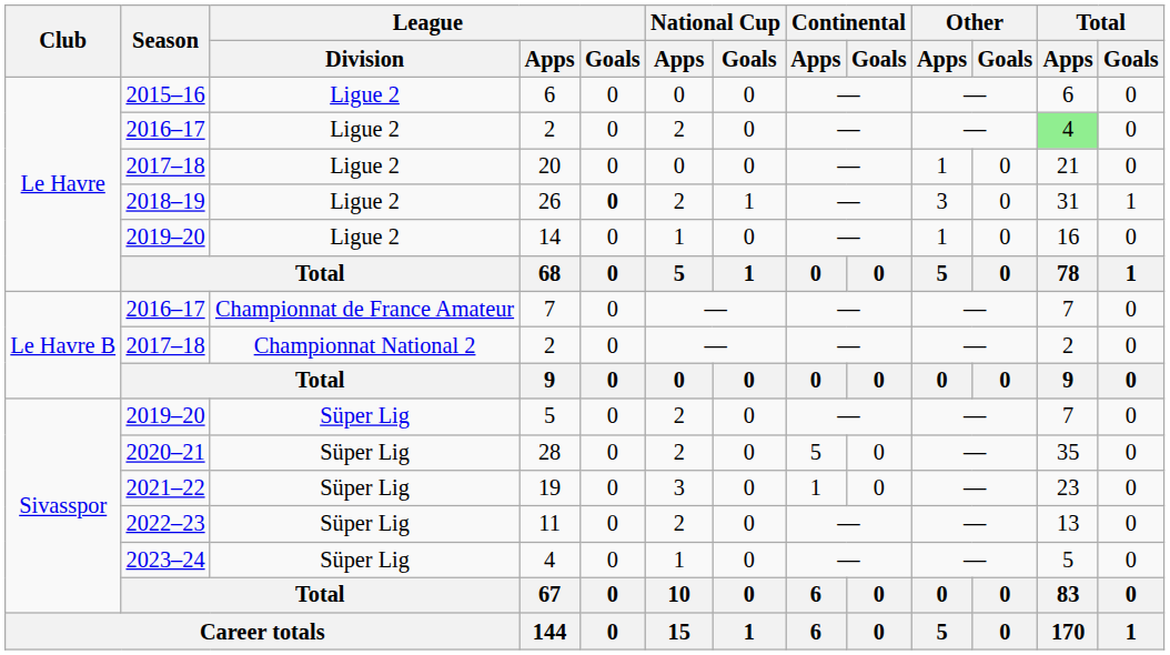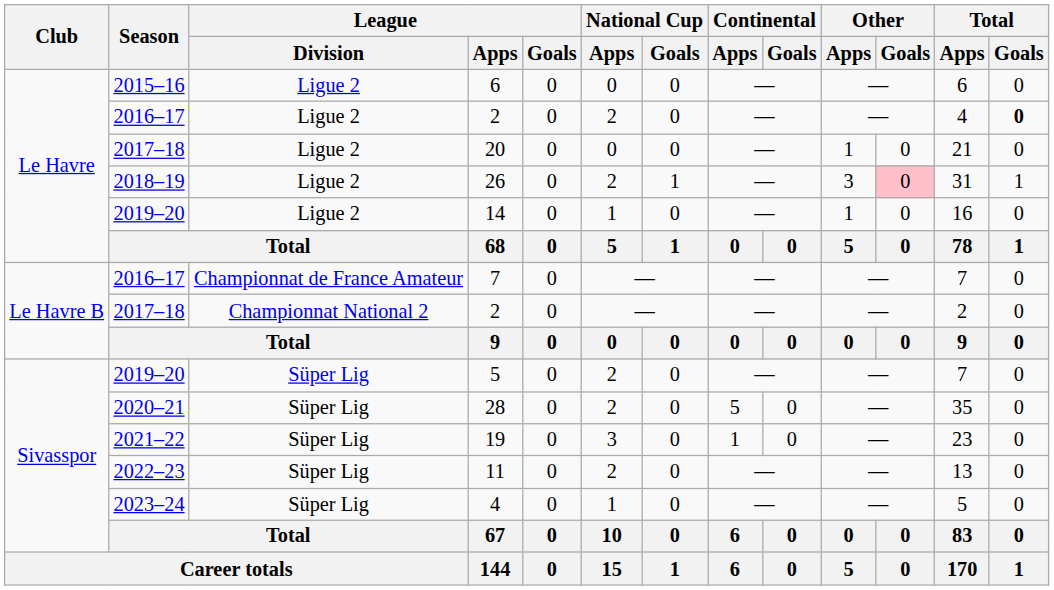 <table class="wikitable" style="text-align:center">
 <tr>
 <th rowspan="2">Club</th>
 <th rowspan="2">Season</th>
 <th colspan="3">League</th>
 <th colspan="2">National Cup</th>
 <th colspan="2">Continental</th>
 <th colspan="2">Other</th>
 <th colspan="2">Total</th>
 </tr>
 <tr>
 <th>Division</th>
 <th>Apps</th>
 <th>Goals</th>
 <th>Apps</th>
 <th>Goals</th>
 <th>Apps</th>
 <th>Goals</th>
 <th>Apps</th>
 <th>Goals</th>
 <th>Apps</th>
 <th>Goals</th>
 </tr>
 <tr>
 <td rowspan="6"><a href='#'>Le Havre</a></td>
 <td><a href='#'>2015–16</a></td>
 <td><a href='#'>Ligue 2</a></td>
 <td>6</td>
 <td>0</td>
 <td>0</td>
 <td>0</td>
 <td colspan="2">—</td>
 <td colspan="2">—</td>
 <td>6</td>
 <td>0</td>
 </tr>
 <tr>
 <td><a href='#'>2016–17</a></td>
 <td>Ligue 2</td>
 <td>2</td>
 <td>0</td>
 <td>2</td>
 <td>0</td>
 <td colspan="2">—</td>
 <td colspan="2">—</td>
-<td style="background: lightgreen;">4</td>
-<td>0</td>
+<td>4</td>
+<td><strong>0</strong></td>
 </tr>
 <tr>
 <td><a href='#'>2017–18</a></td>
 <td>Ligue 2</td>
 <td>20</td>
 <td>0</td>
 <td>0</td>
 <td>0</td>
 <td colspan="2">—</td>
 <td>1</td>
 <td>0</td>
 <td>21</td>
 <td>0</td>
 </tr>
 <tr>
 <td><a href='#'>2018–19</a></td>
 <td>Ligue 2</td>
 <td>26</td>
-<td><strong>0</strong></td>
+<td>0</td>
 <td>2</td>
 <td>1</td>
 <td colspan="2">—</td>
 <td>3</td>
-<td>0</td>
+<td style="background: pink;">0</td>
 <td>31</td>
 <td>1</td>
 </tr>
 <tr>
 <td><a href='#'>2019–20</a></td>
 <td>Ligue 2</td>
 <td>14</td>
 <td>0</td>
 <td>1</td>
 <td>0</td>
 <td colspan="2">—</td>
 <td>1</td>
 <td>0</td>
 <td>16</td>
 <td>0</td>
 </tr>
 <tr>
 <th colspan="2">Total</th>
 <th>68</th>
 <th>0</th>
 <th>5</th>
 <th>1</th>
 <th>0</th>
 <th>0</th>
 <th>5</th>
 <th>0</th>
 <th>78</th>
 <th>1</th>
 </tr>
 <tr>
 <td rowspan="3"><a href='#'>Le Havre B</a></td>
 <td><a href='#'>2016–17</a></td>
 <td><a href='#'>Championnat de France Amateur</a></td>
 <td>7</td>
 <td>0</td>
 <td colspan="2">—</td>
 <td colspan="2">—</td>
 <td colspan="2">—</td>
 <td>7</td>
 <td>0</td>
 </tr>
 <tr>
 <td><a href='#'>2017–18</a></td>
 <td><a href='#'>Championnat National 2</a></td>
 <td>2</td>
 <td>0</td>
 <td colspan="2">—</td>
 <td colspan="2">—</td>
 <td colspan="2">—</td>
 <td>2</td>
 <td>0</td>
 </tr>
 <tr>
 <th colspan="2">Total</th>
 <th>9</th>
 <th>0</th>
 <th>0</th>
 <th>0</th>
 <th>0</th>
 <th>0</th>
 <th>0</th>
 <th>0</th>
 <th>9</th>
 <th>0</th>
 </tr>
 <tr>
 <td rowspan="6"><a href='#'>Sivasspor</a></td>
 <td><a href='#'>2019–20</a></td>
 <td><a href='#'>Süper Lig</a></td>
 <td>5</td>
 <td>0</td>
 <td>2</td>
 <td>0</td>
 <td colspan="2">—</td>
 <td colspan="2">—</td>
 <td>7</td>
 <td>0</td>
 </tr>
 <tr>
 <td><a href='#'>2020–21</a></td>
 <td>Süper Lig</td>
 <td>28</td>
 <td>0</td>
 <td>2</td>
 <td>0</td>
 <td>5</td>
 <td>0</td>
 <td colspan="2">—</td>
 <td>35</td>
 <td>0</td>
 </tr>
 <tr>
 <td><a href='#'>2021–22</a></td>
 <td>Süper Lig</td>
 <td>19</td>
 <td>0</td>
 <td>3</td>
 <td>0</td>
 <td>1</td>
 <td>0</td>
 <td colspan="2">—</td>
 <td>23</td>
 <td>0</td>
 </tr>
 <tr>
 <td><a href='#'>2022–23</a></td>
 <td>Süper Lig</td>
 <td>11</td>
 <td>0</td>
 <td>2</td>
 <td>0</td>
 <td colspan="2">—</td>
 <td colspan="2">—</td>
 <td>13</td>
 <td>0</td>
 </tr>
 <tr>
 <td><a href='#'>2023–24</a></td>
 <td>Süper Lig</td>
 <td>4</td>
 <td>0</td>
 <td>1</td>
 <td>0</td>
 <td colspan="2">—</td>
 <td colspan="2">—</td>
 <td>5</td>
 <td>0</td>
 </tr>
 <tr>
 <th colspan="2">Total</th>
 <th>67</th>
 <th>0</th>
 <th>10</th>
 <th>0</th>
 <th>6</th>
 <th>0</th>
 <th>0</th>
 <th>0</th>
 <th>83</th>
 <th>0</th>
 </tr>
 <tr>
 <th colspan="3">Career totals</th>
 <th>144</th>
 <th>0</th>
 <th>15</th>
 <th>1</th>
 <th>6</th>
 <th>0</th>
 <th>5</th>
 <th>0</th>
 <th>170</th>
 <th>1</th>
 </tr>
 </table>
